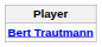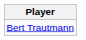 <table class="wikitable">
 <tr>
 <th>Player</th>
 </tr>
 <tr>
-<td><strong> <a href='#'>Bert Trautmann</a></strong></td>
+<td> <a href='#'>Bert Trautmann</a></td>
 </tr>
 </table>
